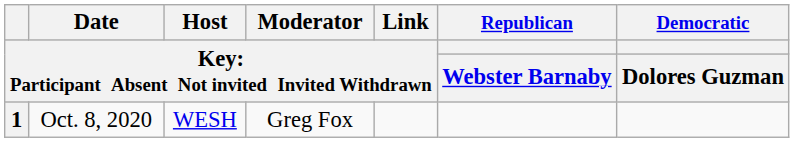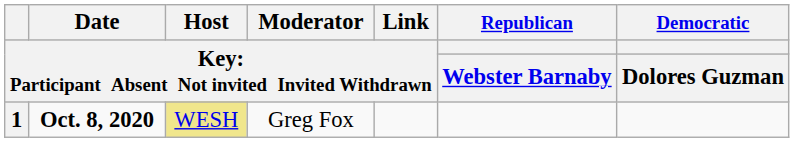 <table class="wikitable" style="text-align:center;">
 <tr>
 <th scope="col"></th>
 <th scope="col">Date</th>
 <th scope="col">Host</th>
 <th scope="col">Moderator</th>
 <th scope="col">Link</th>
 <th scope="col"><small><a href='#'>Republican</a></small></th>
 <th scope="col"><small><a href='#'>Democratic</a></small></th>
 </tr>
 <tr>
 <th colspan="5" rowspan="2">Key:<br> <small>Participant </small>  <small>Absent </small>  <small>Not invited </small>  <small>Invited  Withdrawn</small></th>
 <th scope="col" style="background:"></th>
 <th scope="col" style="background:"></th>
 </tr>
 <tr>
 <th scope="col"><a href='#'>Webster Barnaby</a></th>
 <th scope="col">Dolores Guzman</th>
 </tr>
 <tr>
 <th>1</th>
-<td style="white-space:nowrap;">Oct. 8, 2020</td>
-<td style="white-space:nowrap;"><a href='#'>WESH</a></td>
+<td style="white-space:nowrap;"><strong>Oct. 8, 2020</strong></td>
+<td style="background: khaki; white-space:nowrap;"><a href='#'>WESH</a></td>
 <td style="white-space:nowrap;">Greg Fox</td>
 <td style="white-space:nowrap;"></td>
 <td></td>
 <td></td>
 </tr>
 </table>
